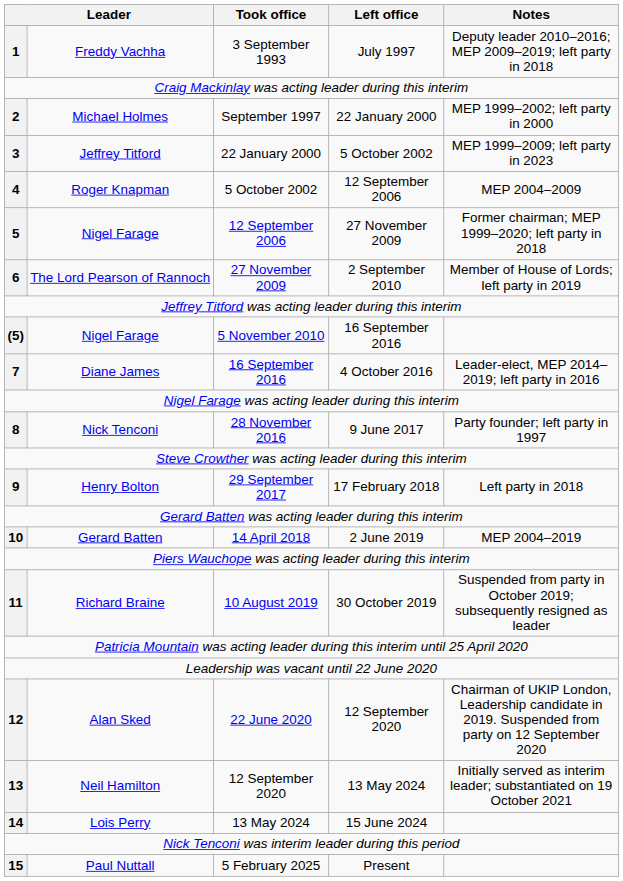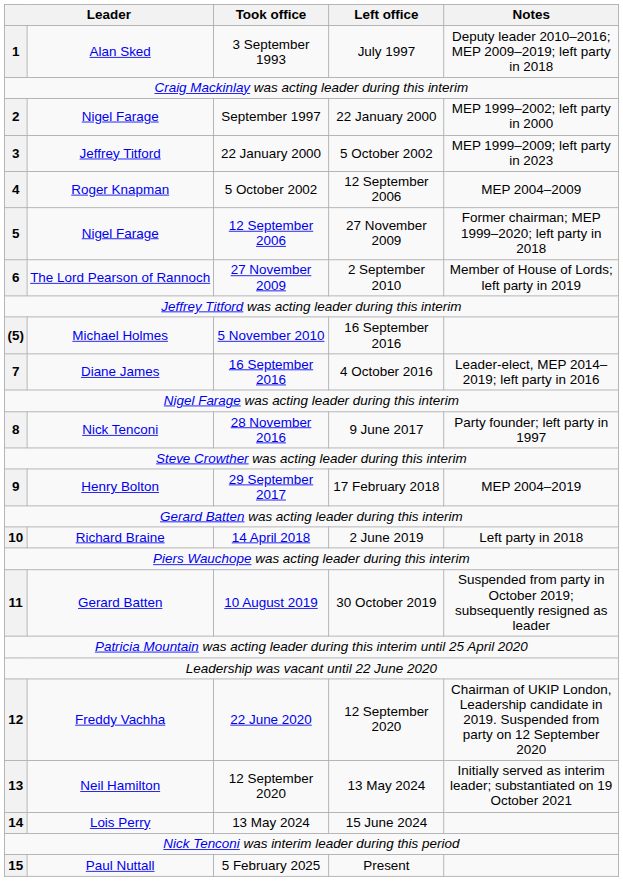 <table class="wikitable" style="text-align:center">
 <tr>
 <th colspan="2" style="width:20px;">Leader</th>
 <th style="width:130px;">Took office</th>
 <th style="width:130px;">Left office</th>
 <th style="width:200px;">Notes<br></th>
 </tr>
 <tr>
 <th style="background:">1</th>
-<td><a href='#'>Freddy Vachha</a></td>
+<td><a href='#'>Alan Sked</a></td>
 <td>3 September 1993</td>
 <td>July 1997</td>
 <td>Deputy leader 2010–2016; MEP 2009–2019; left party in 2018</td>
 </tr>
 <tr>
 <td colspan="5"><em><a href='#'>Craig Mackinlay</a> was acting leader during this interim</em></td>
 </tr>
 <tr>
 <th style="background:">2</th>
-<td><a href='#'>Michael Holmes</a></td>
+<td><a href='#'>Nigel Farage</a></td>
 <td>September 1997</td>
 <td>22 January 2000</td>
 <td>MEP 1999–2002; left party in 2000</td>
 </tr>
 <tr>
 <th style="background:">3</th>
 <td><a href='#'>Jeffrey Titford</a></td>
 <td>22 January 2000</td>
 <td>5 October 2002</td>
 <td>MEP 1999–2009; left party in 2023</td>
 </tr>
 <tr>
 <th style="background:">4</th>
 <td><a href='#'>Roger Knapman</a></td>
 <td>5 October 2002</td>
 <td>12 September 2006</td>
 <td>MEP 2004–2009</td>
 </tr>
 <tr>
 <th style="background:">5</th>
 <td><a href='#'>Nigel Farage</a></td>
 <td><a href='#'>12 September 2006</a></td>
 <td>27 November 2009</td>
 <td>Former chairman; MEP 1999–2020; left party in 2018</td>
 </tr>
 <tr>
 <th style="background:">6</th>
 <td><a href='#'>The Lord Pearson of Rannoch</a></td>
 <td><a href='#'>27 November 2009</a></td>
 <td>2 September 2010</td>
 <td>Member of House of Lords; left party in 2019</td>
 </tr>
 <tr>
 <td colspan="5"><em><a href='#'>Jeffrey Titford</a> was acting leader during this interim</em></td>
 </tr>
 <tr>
 <th style="background:">(5)</th>
-<td><a href='#'>Nigel Farage</a></td>
+<td><a href='#'>Michael Holmes</a></td>
 <td><a href='#'>5 November 2010</a></td>
 <td>16 September 2016</td>
 <td></td>
 </tr>
 <tr>
 <th style="background:">7</th>
 <td><a href='#'>Diane James</a></td>
 <td><a href='#'>16 September 2016</a></td>
 <td>4 October 2016</td>
 <td>Leader-elect, MEP 2014–2019; left party in 2016</td>
 </tr>
 <tr>
 <td colspan="5"><em><a href='#'>Nigel Farage</a> was acting leader during this interim</em></td>
 </tr>
 <tr>
 <th style="background:">8</th>
 <td><a href='#'>Nick Tenconi</a></td>
 <td><a href='#'>28 November 2016</a></td>
 <td>9 June 2017</td>
 <td>Party founder; left party in 1997</td>
 </tr>
 <tr>
 <td colspan="5"><em><a href='#'>Steve Crowther</a> was acting leader during this interim</em></td>
 </tr>
 <tr>
 <th style="background:">9</th>
 <td><a href='#'>Henry Bolton</a></td>
 <td><a href='#'>29 September 2017</a></td>
 <td>17 February 2018</td>
-<td>Left party in 2018</td>
+<td>MEP 2004–2019</td>
 </tr>
 <tr>
 <td colspan="5"><em><a href='#'>Gerard Batten</a> was acting leader during this interim</em></td>
 </tr>
 <tr>
 <th style="background:">10</th>
-<td><a href='#'>Gerard Batten</a></td>
+<td><a href='#'>Richard Braine</a></td>
 <td><a href='#'>14 April 2018</a></td>
 <td>2 June 2019</td>
-<td>MEP 2004–2019</td>
+<td>Left party in 2018</td>
 </tr>
 <tr>
 <td colspan="5"><em><a href='#'>Piers Wauchope</a> was acting leader during this interim</em></td>
 </tr>
 <tr>
 <th style="background:">11</th>
-<td><a href='#'>Richard Braine</a></td>
+<td><a href='#'>Gerard Batten</a></td>
 <td><a href='#'>10 August 2019</a></td>
 <td>30 October 2019</td>
 <td>Suspended from party in October 2019; subsequently resigned as leader</td>
 </tr>
 <tr>
 <td colspan="5"><em><a href='#'>Patricia Mountain</a> was acting leader during this interim until 25 April 2020</em></td>
 </tr>
 <tr>
 <td colspan="5"><em>Leadership was vacant until 22 June 2020</em></td>
 </tr>
 <tr>
 <th style="background:">12</th>
-<td><a href='#'>Alan Sked</a></td>
+<td><a href='#'>Freddy Vachha</a></td>
 <td><a href='#'>22 June 2020</a></td>
 <td>12 September 2020</td>
 <td>Chairman of UKIP London, Leadership candidate in 2019. Suspended from party on 12 September 2020</td>
 </tr>
 <tr>
 <th style="background:">13</th>
 <td><a href='#'>Neil Hamilton</a></td>
 <td>12 September 2020</td>
 <td>13 May 2024</td>
 <td>Initially served as interim leader; substantiated on 19 October 2021</td>
 </tr>
 <tr>
 <th style="background:">14</th>
 <td><a href='#'>Lois Perry</a></td>
 <td>13 May 2024</td>
 <td>15 June 2024</td>
 <td></td>
 </tr>
 <tr>
 <td colspan="5"><em><a href='#'>Nick Tenconi</a> was interim leader during this period</em></td>
 </tr>
 <tr>
 <th style="background:">15</th>
 <td><a href='#'>Paul Nuttall</a></td>
 <td>5 February 2025</td>
 <td>Present</td>
 <td></td>
 </tr>
 </table>
